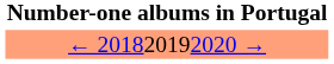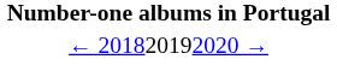 <table class="toc" id="toc" summary="Contents">
 <tr>
 <th>Number-one albums in Portugal</th>
 </tr>
 <tr>
-<td align="center" style="background: lightsalmon;"><a href='#'>← 2018</a>2019<a href='#'>2020 →</a></td>
+<td align="center"><a href='#'>← 2018</a>2019<a href='#'>2020 →</a></td>
 </tr>
 </table>
